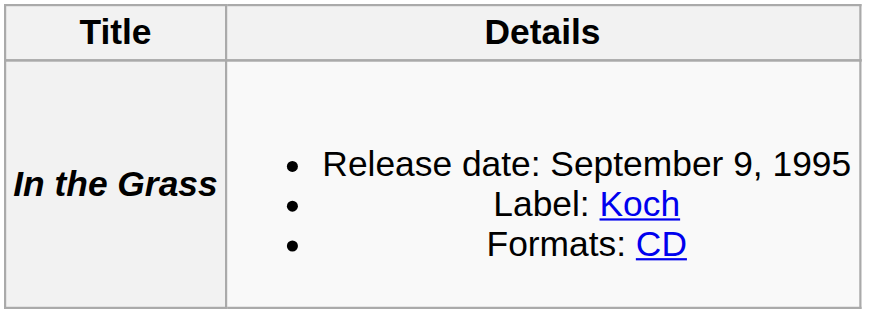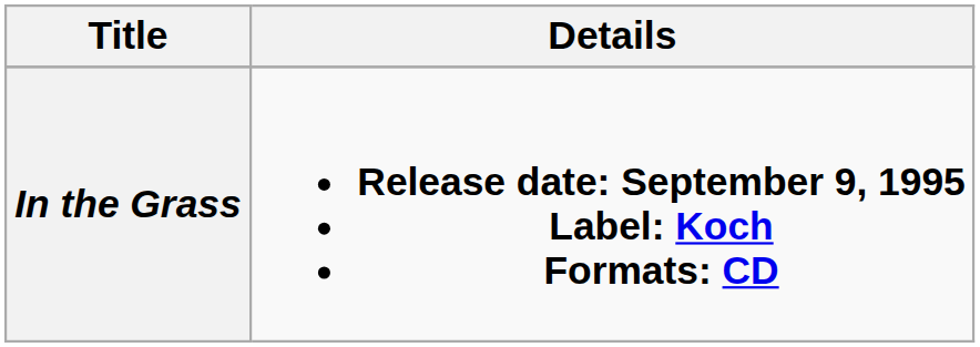 <table class="wikitable plainrowheaders" style="text-align:center;">
 <tr>
 <th>Title</th>
 <th>Details</th>
 </tr>
 <tr style="font-size:smaller;">
 </tr>
 <tr>
 <th scope="row"><em>In the Grass</em></th>
-<td><br><ul><li>Release date: September 9, 1995</li><li>Label: <a href='#'>Koch</a></li><li>Formats: <a href='#'>CD</a></li></ul></td>
+<td><strong><br><ul><li>Release date: September 9, 1995</li><li>Label: <a href='#'>Koch</a></li><li>Formats: <a href='#'>CD</a></li></ul></strong></td>
 </tr>
 </table>
